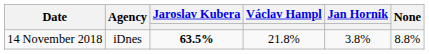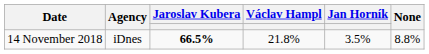 <table class="wikitable" style=text-align:center>
 <tr>
 <th rowspan="2">Date</th>
 <th rowspan="2">Agency</th>
 <th><a href='#'>Jaroslav Kubera</a></th>
 <th><a href='#'>Václav Hampl</a></th>
 <th><a href='#'>Jan Horník</a></th>
 <th rowspan="2">None</th>
 </tr>
 <tr>
 <th style="background:"></th>
 <th style="background:"></th>
 <th style="background:"></th>
 </tr>
 <tr>
 <td>14 November 2018</td>
 <td>iDnes</td>
-<td><strong>63.5%</strong></td>
+<td><strong>66.5%</strong></td>
 <td>21.8%</td>
-<td>3.8%</td>
+<td>3.5%</td>
 <td>8.8%</td>
 </tr>
 </table>
